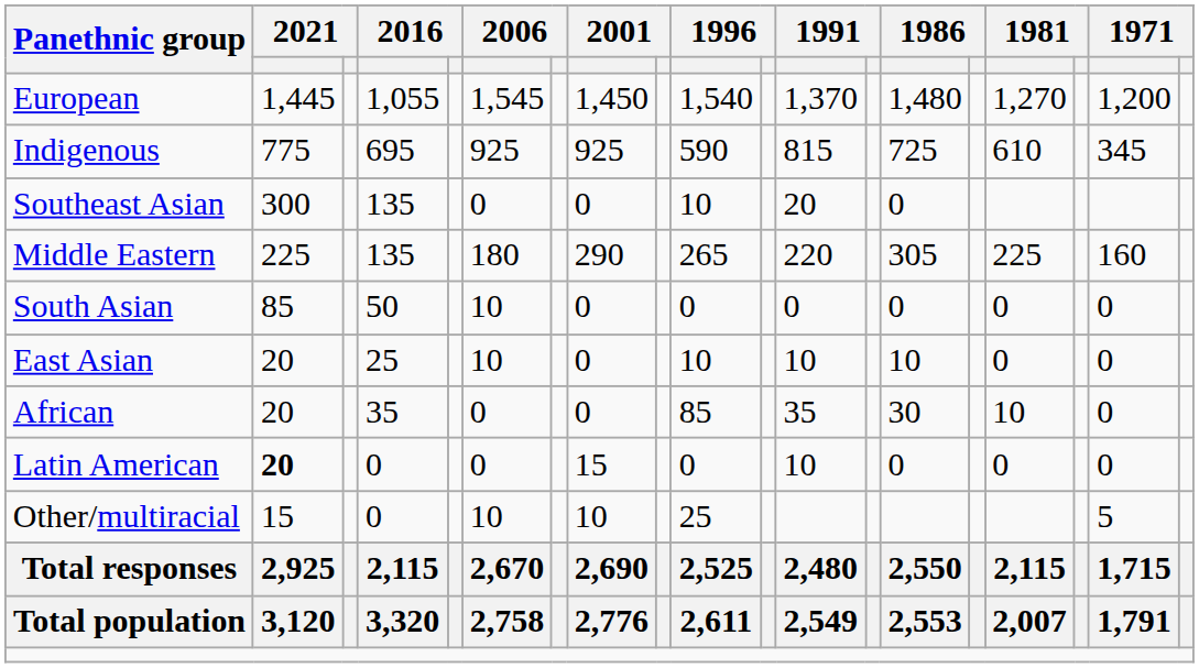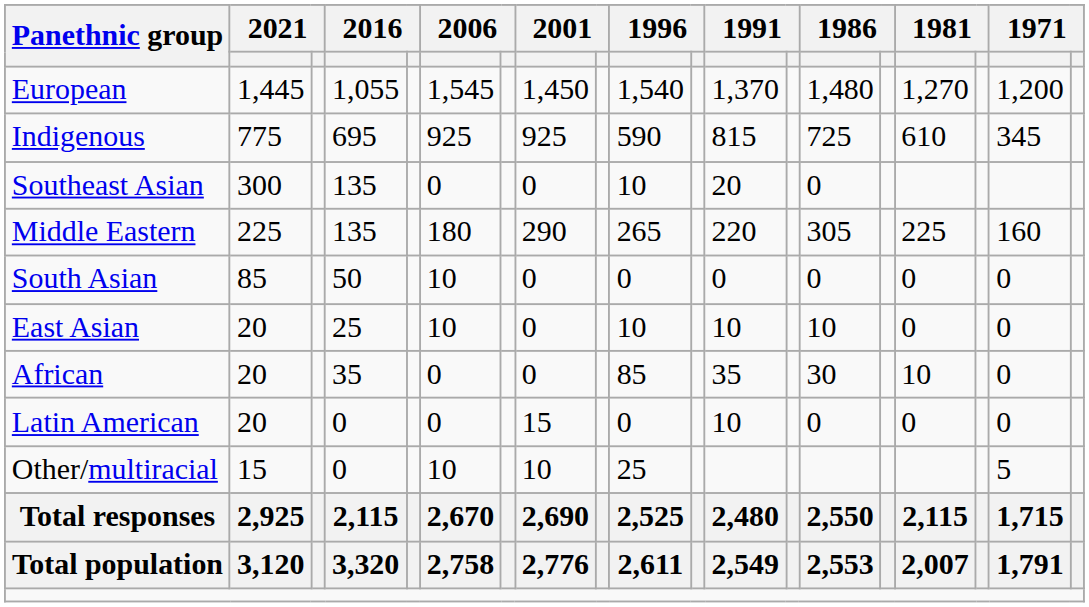 <table class="wikitable collapsible sortable">
 <tr>
 <th rowspan="2"><a href='#'>Panethnic</a> group</th>
 <th colspan="2">2021</th>
 <th colspan="2">2016</th>
 <th colspan="2">2006</th>
 <th colspan="2">2001</th>
 <th colspan="2">1996</th>
 <th colspan="2">1991</th>
 <th colspan="2">1986</th>
 <th colspan="2">1981</th>
 <th colspan="2">1971</th>
 </tr>
 <tr>
 <th><a href='#'></a></th>
 <th></th>
 <th></th>
 <th></th>
 <th></th>
 <th></th>
 <th></th>
 <th></th>
 <th></th>
 <th></th>
 <th></th>
 <th></th>
 <th></th>
 <th></th>
 <th></th>
 <th></th>
 <th></th>
 <th></th>
 </tr>
 <tr>
 <td><a href='#'>European</a></td>
 <td>1,445</td>
 <td></td>
 <td>1,055</td>
 <td></td>
 <td>1,545</td>
 <td></td>
 <td>1,450</td>
 <td></td>
 <td>1,540</td>
 <td></td>
 <td>1,370</td>
 <td></td>
 <td>1,480</td>
 <td></td>
 <td>1,270</td>
 <td></td>
 <td>1,200</td>
 <td></td>
 </tr>
 <tr>
 <td><a href='#'>Indigenous</a></td>
 <td>775</td>
 <td></td>
 <td>695</td>
 <td></td>
 <td>925</td>
 <td></td>
 <td>925</td>
 <td></td>
 <td>590</td>
 <td></td>
 <td>815</td>
 <td></td>
 <td>725</td>
 <td></td>
 <td>610</td>
 <td></td>
 <td>345</td>
 <td></td>
 </tr>
 <tr>
 <td><a href='#'>Southeast Asian</a></td>
 <td>300</td>
 <td></td>
 <td>135</td>
 <td></td>
 <td>0</td>
 <td></td>
 <td>0</td>
 <td></td>
 <td>10</td>
 <td></td>
 <td>20</td>
 <td></td>
 <td>0</td>
 <td></td>
 <td></td>
 <td></td>
 <td></td>
 <td></td>
 </tr>
 <tr>
 <td><a href='#'>Middle Eastern</a></td>
 <td>225</td>
 <td></td>
 <td>135</td>
 <td></td>
 <td>180</td>
 <td></td>
 <td>290</td>
 <td></td>
 <td>265</td>
 <td></td>
 <td>220</td>
 <td></td>
 <td>305</td>
 <td></td>
 <td>225</td>
 <td></td>
 <td>160</td>
 <td></td>
 </tr>
 <tr>
 <td><a href='#'>South Asian</a></td>
 <td>85</td>
 <td></td>
 <td>50</td>
 <td></td>
 <td>10</td>
 <td></td>
 <td>0</td>
 <td></td>
 <td>0</td>
 <td></td>
 <td>0</td>
 <td></td>
 <td>0</td>
 <td></td>
 <td>0</td>
 <td></td>
 <td>0</td>
 <td></td>
 </tr>
 <tr>
 <td><a href='#'>East Asian</a></td>
 <td>20</td>
 <td></td>
 <td>25</td>
 <td></td>
 <td>10</td>
 <td></td>
 <td>0</td>
 <td></td>
 <td>10</td>
 <td></td>
 <td>10</td>
 <td></td>
 <td>10</td>
 <td></td>
 <td>0</td>
 <td></td>
 <td>0</td>
 <td></td>
 </tr>
 <tr>
 <td><a href='#'>African</a></td>
 <td>20</td>
 <td></td>
 <td>35</td>
 <td></td>
 <td>0</td>
 <td></td>
 <td>0</td>
 <td></td>
 <td>85</td>
 <td></td>
 <td>35</td>
 <td></td>
 <td>30</td>
 <td></td>
 <td>10</td>
 <td></td>
 <td>0</td>
 <td></td>
 </tr>
 <tr>
 <td><a href='#'>Latin American</a></td>
-<td><strong>20</strong></td>
+<td>20</td>
 <td></td>
 <td>0</td>
 <td></td>
 <td>0</td>
 <td></td>
 <td>15</td>
 <td></td>
 <td>0</td>
 <td></td>
 <td>10</td>
 <td></td>
 <td>0</td>
 <td></td>
 <td>0</td>
 <td></td>
 <td>0</td>
 <td></td>
 </tr>
 <tr>
 <td>Other/<a href='#'>multiracial</a></td>
 <td>15</td>
 <td></td>
 <td>0</td>
 <td></td>
 <td>10</td>
 <td></td>
 <td>10</td>
 <td></td>
 <td>25</td>
 <td></td>
 <td></td>
 <td></td>
 <td></td>
 <td></td>
 <td></td>
 <td></td>
 <td>5</td>
 <td></td>
 </tr>
 <tr>
 <th>Total responses</th>
 <th>2,925</th>
 <th></th>
 <th>2,115</th>
 <th></th>
 <th>2,670</th>
 <th></th>
 <th>2,690</th>
 <th></th>
 <th>2,525</th>
 <th></th>
 <th>2,480</th>
 <th></th>
 <th>2,550</th>
 <th></th>
 <th>2,115</th>
 <th></th>
 <th>1,715</th>
 <th></th>
 </tr>
 <tr class="sortbottom">
 <th>Total population</th>
 <th>3,120</th>
 <th></th>
 <th>3,320</th>
 <th></th>
 <th>2,758</th>
 <th></th>
 <th>2,776</th>
 <th></th>
 <th>2,611</th>
 <th></th>
 <th>2,549</th>
 <th></th>
 <th>2,553</th>
 <th></th>
 <th>2,007</th>
 <th></th>
 <th>1,791</th>
 <th></th>
 </tr>
 <tr class="sortbottom">
 <td colspan="20"></td>
 </tr>
 </table>
